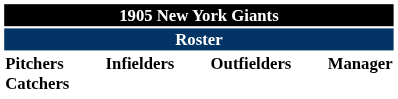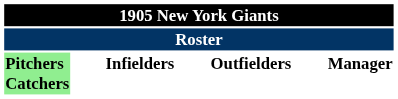 <table class="toccolours" style="font-size: 95%;">
 <tr>
 <th colspan="10" style="background-color: black; color: white; text-align: center;">1905 New York Giants</th>
 </tr>
 <tr>
 <td colspan="10" style="background-color: #023465; color: white; text-align: center;"><strong>Roster</strong></td>
 </tr>
 <tr>
-<td valign="top"><strong>Pitchers</strong><br>      <strong>Catchers</strong>  </td>
+<td valign="top" style="background: lightgreen;"><strong>Pitchers</strong><br>      <strong>Catchers</strong>  </td>
 <td width="25px"></td>
 <td valign="top"><strong>Infielders</strong><br>      </td>
 <td width="25px"></td>
 <td valign="top"><strong>Outfielders</strong><br>     </td>
 <td width="25px"></td>
 <td valign="top"><strong>Manager</strong><br></td>
 </tr>
 <tr>
 </tr>
 </table>
